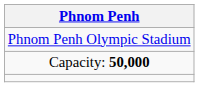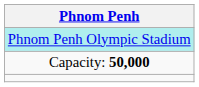 <table class="wikitable" style="text-align:center">
 <tr>
 <th colspan=2> <a href='#'>Phnom Penh</a></th>
 </tr>
 <tr>
-<td><a href='#'>Phnom Penh Olympic Stadium</a></td>
+<td style="background: paleturquoise;"><a href='#'>Phnom Penh Olympic Stadium</a></td>
 </tr>
 <tr>
 <td>Capacity: <strong>50,000</strong></td>
 </tr>
 <tr>
 <td></td>
 </tr>
 </table>
